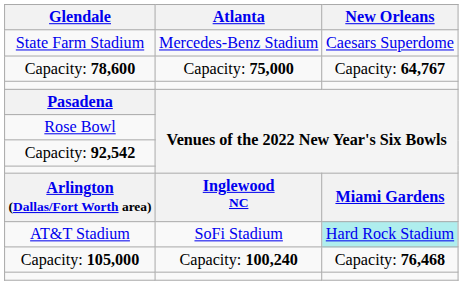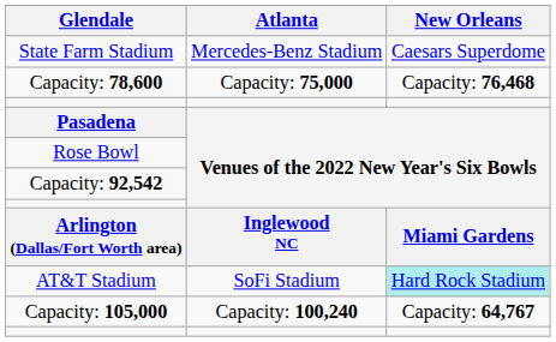 <table class="wikitable" style="margin: 1em auto 1em auto; text-align:center">
 <tr>
 <th><a href='#'>Glendale</a><br></th>
 <th><a href='#'>Atlanta</a></th>
 <th><a href='#'>New Orleans</a></th>
 </tr>
 <tr>
 <td><a href='#'>State Farm Stadium</a></td>
 <td><a href='#'>Mercedes-Benz Stadium</a></td>
 <td><a href='#'>Caesars Superdome</a></td>
 </tr>
 <tr>
 <td>Capacity: <strong>78,600</strong></td>
 <td>Capacity: <strong>75,000</strong></td>
-<td>Capacity: <strong>64,767</strong></td>
+<td>Capacity: <strong>76,468</strong></td>
 </tr>
 <tr>
 <td></td>
 <td></td>
 <td></td>
 </tr>
 <tr style="text-align:center">
 <th><a href='#'>Pasadena</a><br></th>
 <th colspan="3" rowspan="4" style="background:#f4f4f4;"><br>Venues of the 2022 New Year's Six Bowls <br> </th>
 </tr>
 <tr>
 <td><a href='#'>Rose Bowl</a></td>
 </tr>
 <tr>
 <td>Capacity: <strong>92,542</strong></td>
 </tr>
 <tr>
 <td></td>
 </tr>
 <tr>
 <th><a href='#'>Arlington</a><br><small>(<a href='#'>Dallas/Fort Worth</a> area)</small></th>
 <th><a href='#'>Inglewood</a><br><sup><a href='#'>NC</a></sup></th>
 <th><a href='#'>Miami Gardens</a><br></th>
 </tr>
 <tr>
 <td><a href='#'>AT&T Stadium</a></td>
 <td><a href='#'>SoFi Stadium</a></td>
 <td style="background: paleturquoise;"><a href='#'>Hard Rock Stadium</a></td>
 </tr>
 <tr>
 <td>Capacity: <strong>105,000</strong></td>
 <td>Capacity: <strong>100,240</strong></td>
-<td>Capacity: <strong>76,468</strong></td>
+<td>Capacity: <strong>64,767</strong></td>
 </tr>
 <tr>
 <td></td>
 <td></td>
 <td></td>
 </tr>
 </table>
